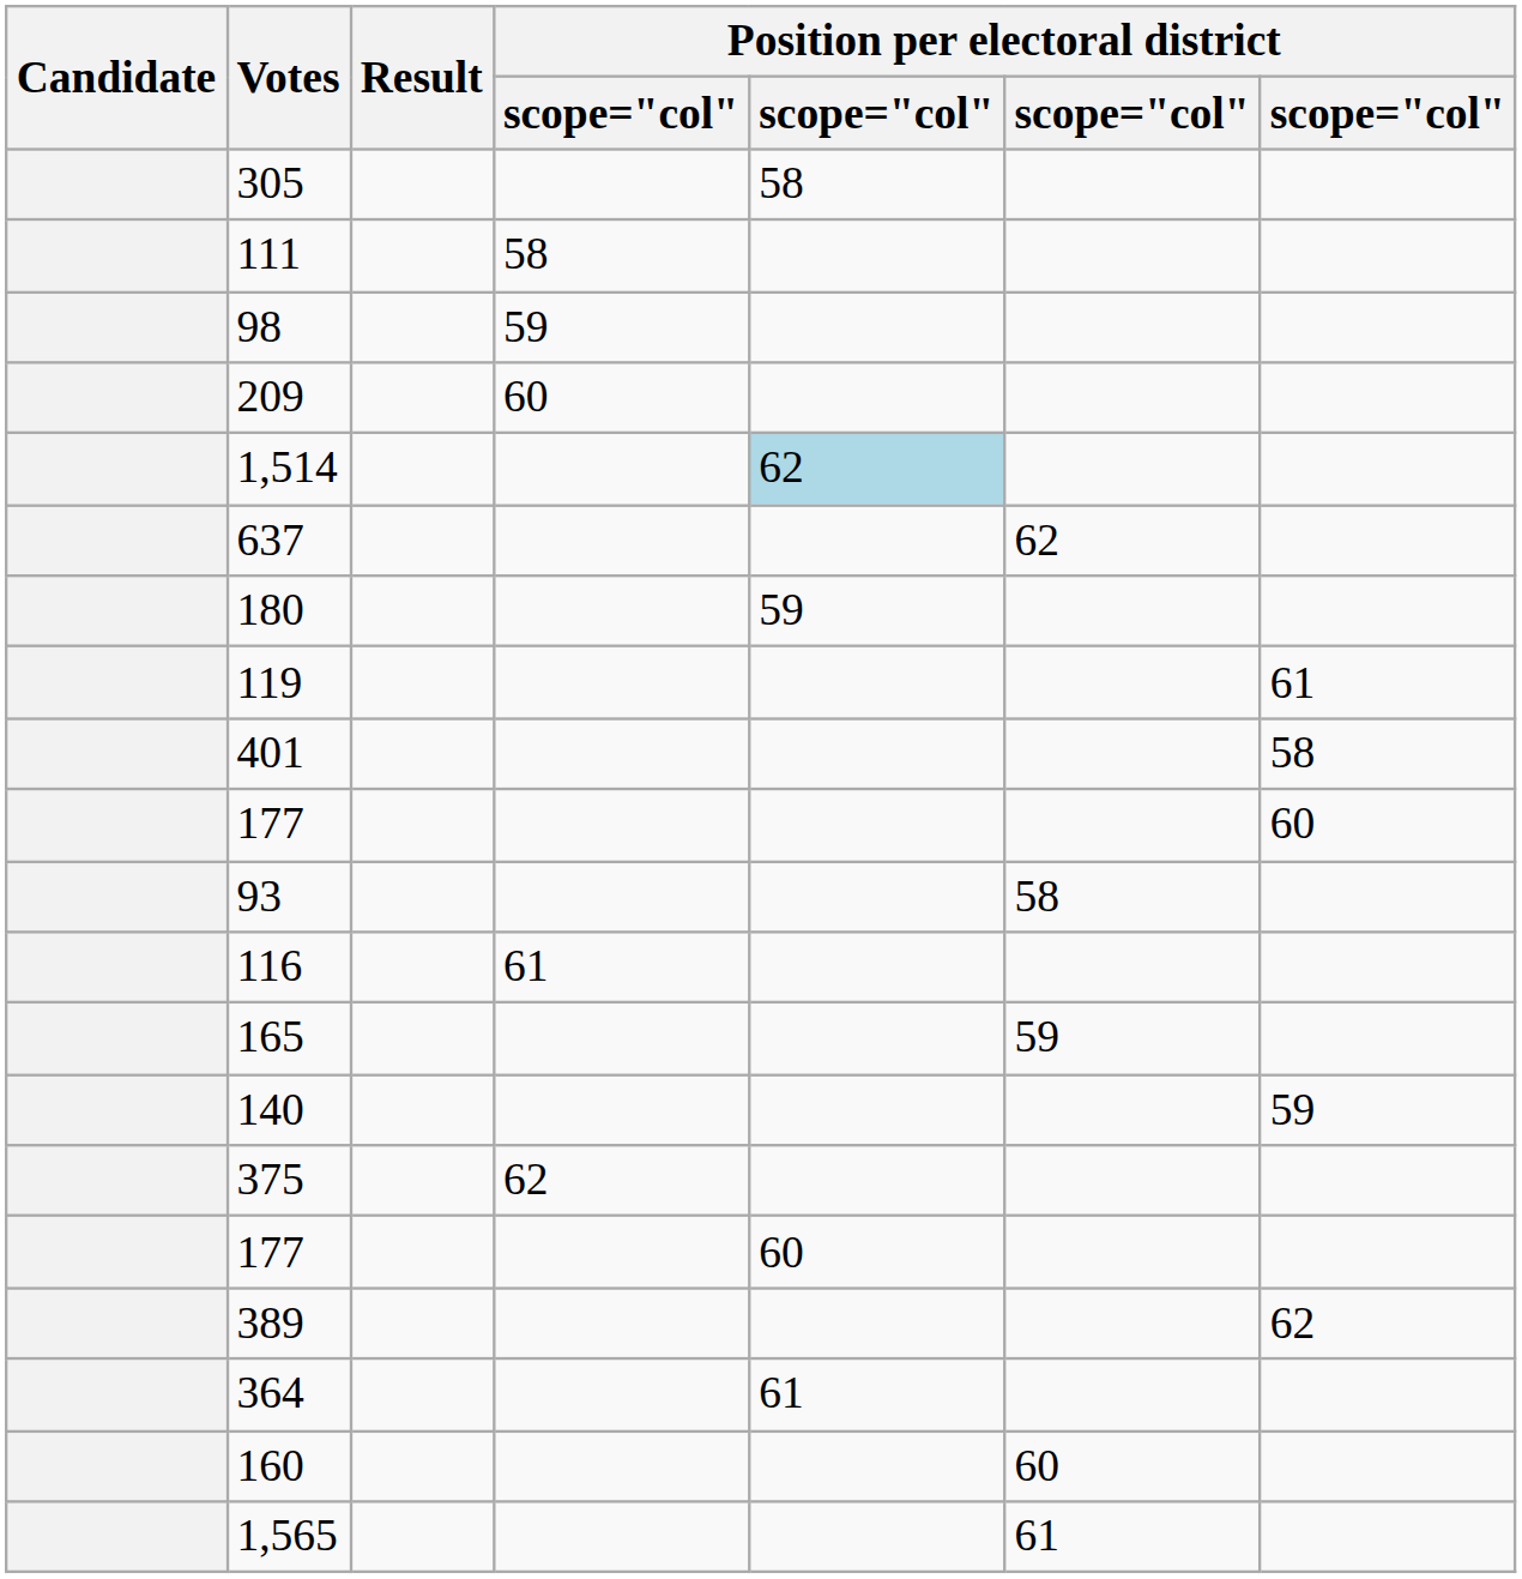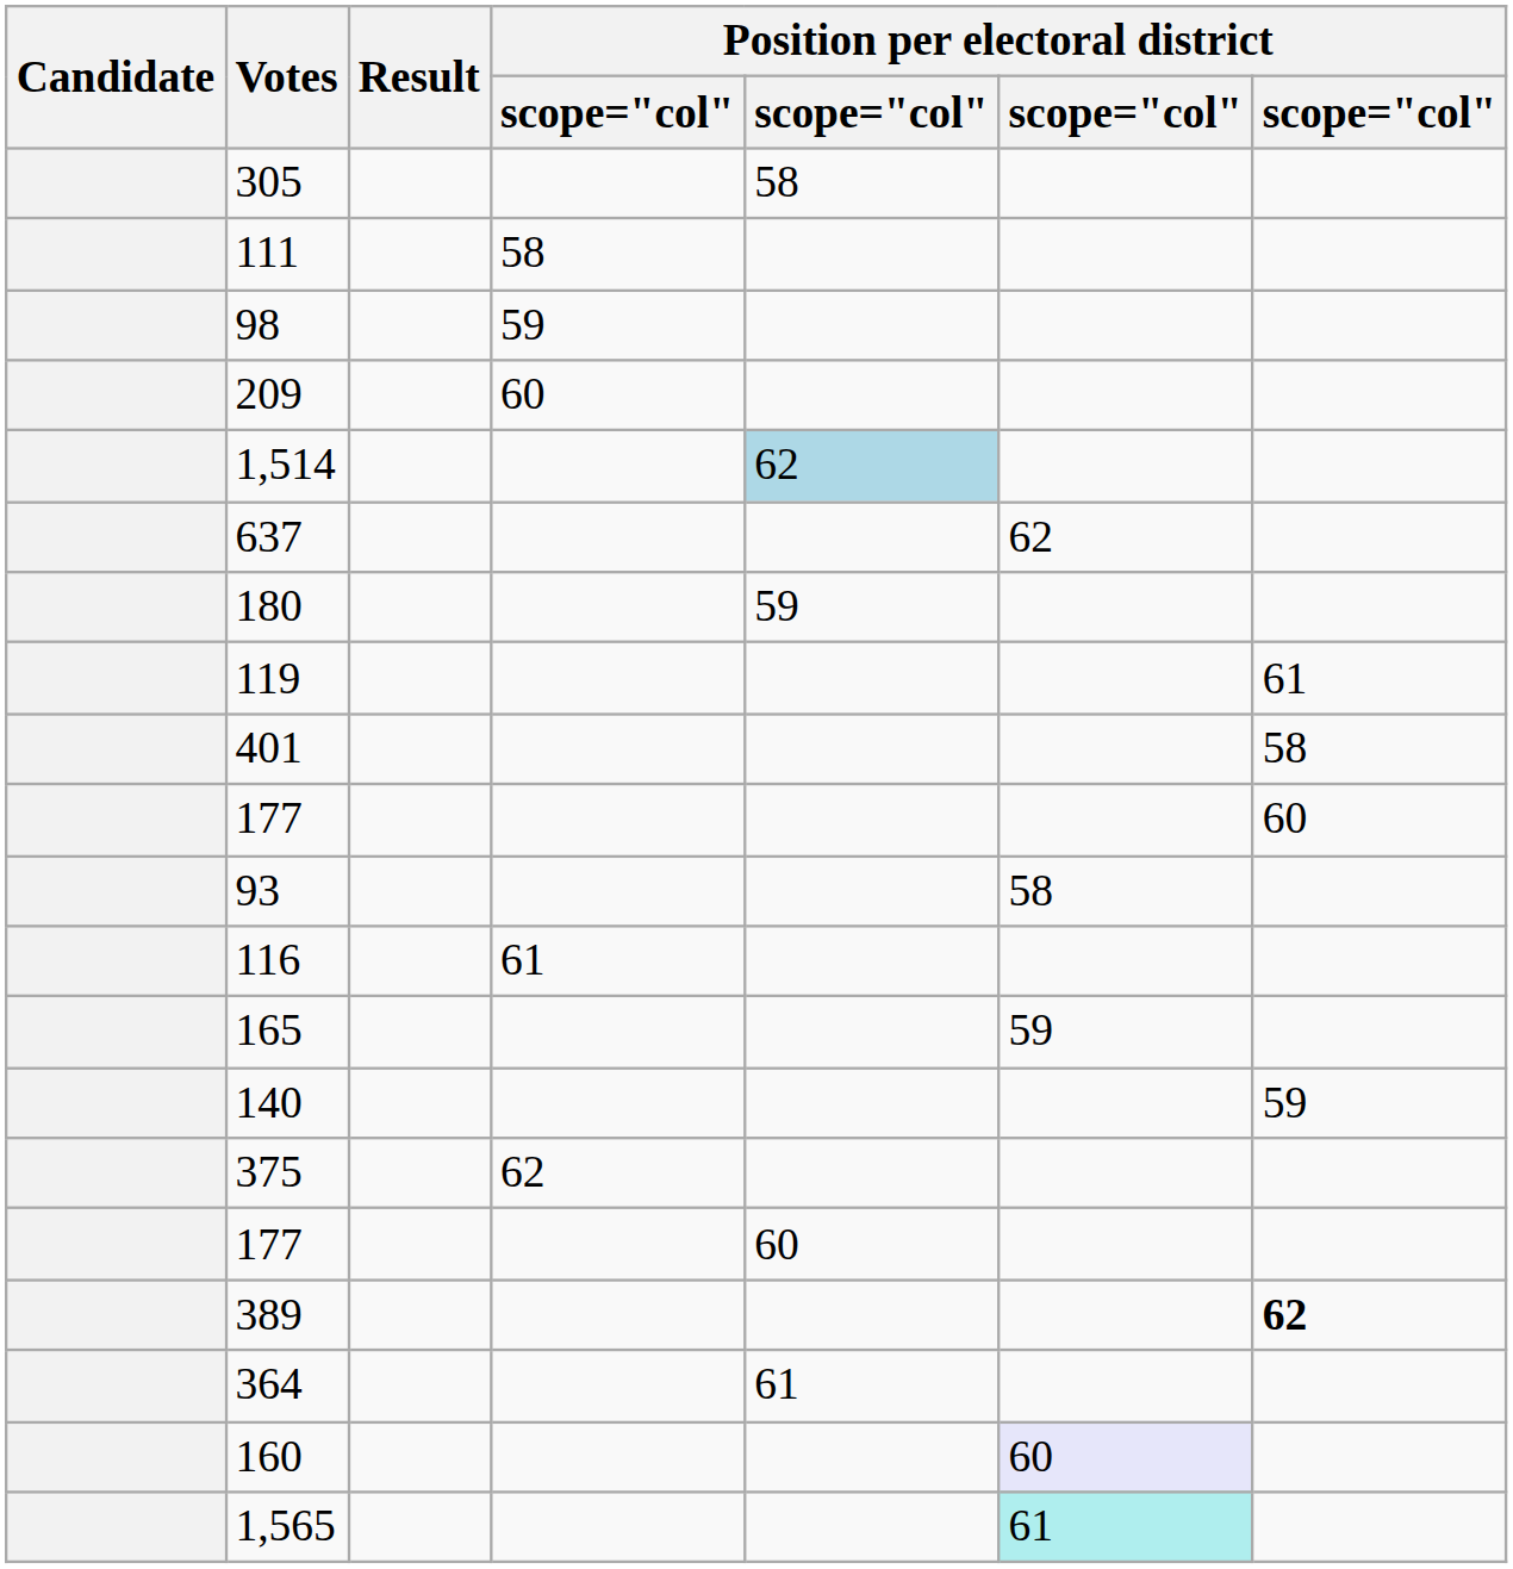 <table class="wikitable sortable defaultright col3left">
 <tr>
 <th scope="col" rowspan="2">Candidate</th>
 <th scope="col" rowspan="2">Votes</th>
 <th scope="col" rowspan="2">Result</th>
 <th scope="col" colspan="4">Position per electoral district</th>
 </tr>
 <tr>
 <th>scope="col" </th>
 <th>scope="col" </th>
 <th>scope="col" </th>
 <th>scope="col" </th>
 </tr>
 <tr>
 <th scope="row"></th>
 <td>305</td>
 <td></td>
 <td></td>
 <td>58</td>
 <td></td>
 <td></td>
 </tr>
 <tr>
 <th scope="row"></th>
 <td>111</td>
 <td></td>
 <td>58</td>
 <td></td>
 <td></td>
 <td></td>
 </tr>
 <tr>
 <th scope="row"></th>
 <td>98</td>
 <td></td>
 <td>59</td>
 <td></td>
 <td></td>
 <td></td>
 </tr>
 <tr>
 <th scope="row"></th>
 <td>209</td>
 <td></td>
 <td>60</td>
 <td></td>
 <td></td>
 <td></td>
 </tr>
 <tr>
 <th scope="row"></th>
 <td>1,514</td>
 <td></td>
 <td></td>
 <td style="background: lightblue;">62</td>
 <td></td>
 <td></td>
 </tr>
 <tr>
 <th scope="row"></th>
 <td>637</td>
 <td></td>
 <td></td>
 <td></td>
 <td>62</td>
 <td></td>
 </tr>
 <tr>
 <th scope="row"></th>
 <td>180</td>
 <td></td>
 <td></td>
 <td>59</td>
 <td></td>
 <td></td>
 </tr>
 <tr>
 <th scope="row"></th>
 <td>119</td>
 <td></td>
 <td></td>
 <td></td>
 <td></td>
 <td>61</td>
 </tr>
 <tr>
 <th scope="row"></th>
 <td>401</td>
 <td></td>
 <td></td>
 <td></td>
 <td></td>
 <td>58</td>
 </tr>
 <tr>
 <th scope="row"></th>
 <td>177</td>
 <td></td>
 <td></td>
 <td></td>
 <td></td>
 <td>60</td>
 </tr>
 <tr>
 <th scope="row"></th>
 <td>93</td>
 <td></td>
 <td></td>
 <td></td>
 <td>58</td>
 <td></td>
 </tr>
 <tr>
 <th scope="row"></th>
 <td>116</td>
 <td></td>
 <td>61</td>
 <td></td>
 <td></td>
 <td></td>
 </tr>
 <tr>
 <th scope="row"></th>
 <td>165</td>
 <td></td>
 <td></td>
 <td></td>
 <td>59</td>
 <td></td>
 </tr>
 <tr>
 <th scope="row"></th>
 <td>140</td>
 <td></td>
 <td></td>
 <td></td>
 <td></td>
 <td>59</td>
 </tr>
 <tr>
 <th scope="row"></th>
 <td>375</td>
 <td></td>
 <td>62</td>
 <td></td>
 <td></td>
 <td></td>
 </tr>
 <tr>
 <th scope="row"></th>
 <td>177</td>
 <td></td>
 <td></td>
 <td>60</td>
 <td></td>
 <td></td>
 </tr>
 <tr>
 <th scope="row"></th>
 <td>389</td>
 <td></td>
 <td></td>
 <td></td>
 <td></td>
-<td>62</td>
+<td><strong>62</strong></td>
 </tr>
 <tr>
 <th scope="row"></th>
 <td>364</td>
 <td></td>
 <td></td>
 <td>61</td>
 <td></td>
 <td></td>
 </tr>
 <tr>
 <th scope="row"></th>
 <td>160</td>
 <td></td>
 <td></td>
 <td></td>
-<td>60</td>
+<td style="background: lavender;">60</td>
 <td></td>
 </tr>
 <tr>
 <th scope="row"></th>
 <td>1,565</td>
 <td></td>
 <td></td>
 <td></td>
-<td>61</td>
+<td style="background: paleturquoise;">61</td>
 <td></td>
 </tr>
 </table>
